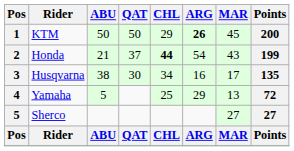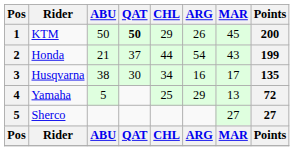 <table class="wikitable" style="font-size: 85%; text-align: center;">
 <tr valign="top">
 <th valign="middle">Pos</th>
 <th valign="middle">Rider</th>
 <th><a href='#'>ABU</a><br></th>
 <th><a href='#'>QAT</a><br></th>
 <th><a href='#'>CHL</a><br></th>
 <th><a href='#'>ARG</a><br></th>
 <th><a href='#'>MAR</a><br></th>
 <th valign="middle">Points</th>
 </tr>
 <tr>
 <th>1</th>
 <td align=left> <a href='#'>KTM</a></td>
 <td style="background:#dfffdf;">50</td>
-<td style="background:#dfffdf;">50</td>
+<td style="background:#dfffdf;"><strong>50</strong></td>
 <td style="background:#dfffdf;">29</td>
-<td style="background:#dfffdf;"><strong>26</strong></td>
+<td style="background:#dfffdf;">26</td>
 <td style="background:#dfffdf;">45</td>
 <th>200</th>
 </tr>
 <tr>
 <th>2</th>
 <td align=left> <a href='#'>Honda</a></td>
 <td style="background:#dfffdf;">21</td>
 <td style="background:#dfffdf;">37</td>
-<td style="background:#dfffdf;"><strong>44</strong></td>
+<td style="background:#dfffdf;">44</td>
 <td style="background:#dfffdf;">54</td>
 <td style="background:#dfffdf;">43</td>
 <th>199</th>
 </tr>
 <tr>
 <th>3</th>
 <td align=left> <a href='#'>Husqvarna</a></td>
 <td style="background:#dfffdf;">38</td>
 <td style="background:#dfffdf;">30</td>
 <td style="background:#dfffdf;">34</td>
 <td style="background:#dfffdf;">16</td>
 <td style="background:#dfffdf;">17</td>
 <th>135</th>
 </tr>
 <tr>
 <th>4</th>
 <td align=left> <a href='#'>Yamaha</a></td>
 <td style="background:#dfffdf;">5</td>
 <td></td>
 <td style="background:#dfffdf;">25</td>
 <td style="background:#dfffdf;">29</td>
 <td style="background:#dfffdf;">13</td>
 <th>72</th>
 </tr>
 <tr>
 <th>5</th>
 <td align=left> <a href='#'>Sherco</a></td>
 <td></td>
 <td></td>
 <td></td>
 <td></td>
 <td style="background:#dfffdf;">27</td>
 <th>27</th>
 </tr>
 <tr valign="top">
 <th valign="middle">Pos</th>
 <th valign="middle">Rider</th>
 <th><a href='#'>ABU</a><br></th>
 <th><a href='#'>QAT</a><br></th>
 <th><a href='#'>CHL</a><br></th>
 <th><a href='#'>ARG</a><br></th>
 <th><a href='#'>MAR</a><br></th>
 <th valign="middle">Points</th>
 </tr>
 <tr>
 </tr>
 </table>
